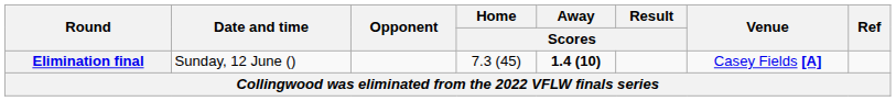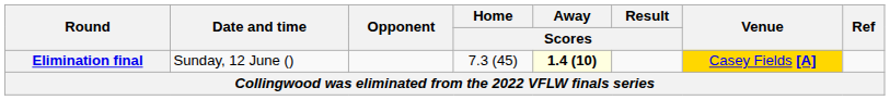 <table class="wikitable plainrowheaders" style="font-size:90%; width:100%; text-align:center;">
 <tr>
 <th scope="col" rowspan="2">Round</th>
 <th scope="col" rowspan="2">Date and time</th>
 <th scope="col" rowspan="2">Opponent</th>
 <th scope="col">Home</th>
 <th scope="col">Away</th>
 <th scope="col">Result</th>
 <th scope="col" rowspan="2">Venue</th>
 <th scope="col" rowspan="2">Ref</th>
 </tr>
 <tr>
 <th scope="col" colspan="3">Scores</th>
 </tr>
 <tr>
 <th scope="row" style="text-align: center;"><a href='#'>Elimination final</a></th>
 <td align=left>Sunday, 12 June ()</td>
 <td align=left></td>
 <td>7.3 (45)</td>
-<td><strong>1.4 (10)</strong></td>
+<td style="background: lightyellow;"><strong>1.4 (10)</strong></td>
 <td></td>
-<td><a href='#'>Casey Fields</a> <a href='#'><strong>[A]</strong></a></td>
+<td style="background: gold;"><a href='#'>Casey Fields</a> <a href='#'><strong>[A]</strong></a></td>
 <td></td>
 </tr>
 <tr>
 <th colspan=9><span><em>Collingwood was eliminated from the 2022 VFLW finals series</em></span></th>
 </tr>
 </table>
